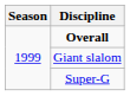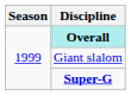 <table class=wikitable style="text-align:center">
 <tr>
 <th>Season</th>
 <th>Discipline</th>
 </tr>
 <tr>
 <td rowspan=3><a href='#'>1999</a></td>
-<td><strong>Overall</strong></td>
+<td style="background: paleturquoise;"><strong>Overall</strong></td>
 </tr>
 <tr>
 <td><a href='#'>Giant slalom</a></td>
 </tr>
 <tr>
-<td><a href='#'>Super-G</a></td>
+<td><strong><a href='#'>Super-G</a></strong></td>
 </tr>
 </table>
